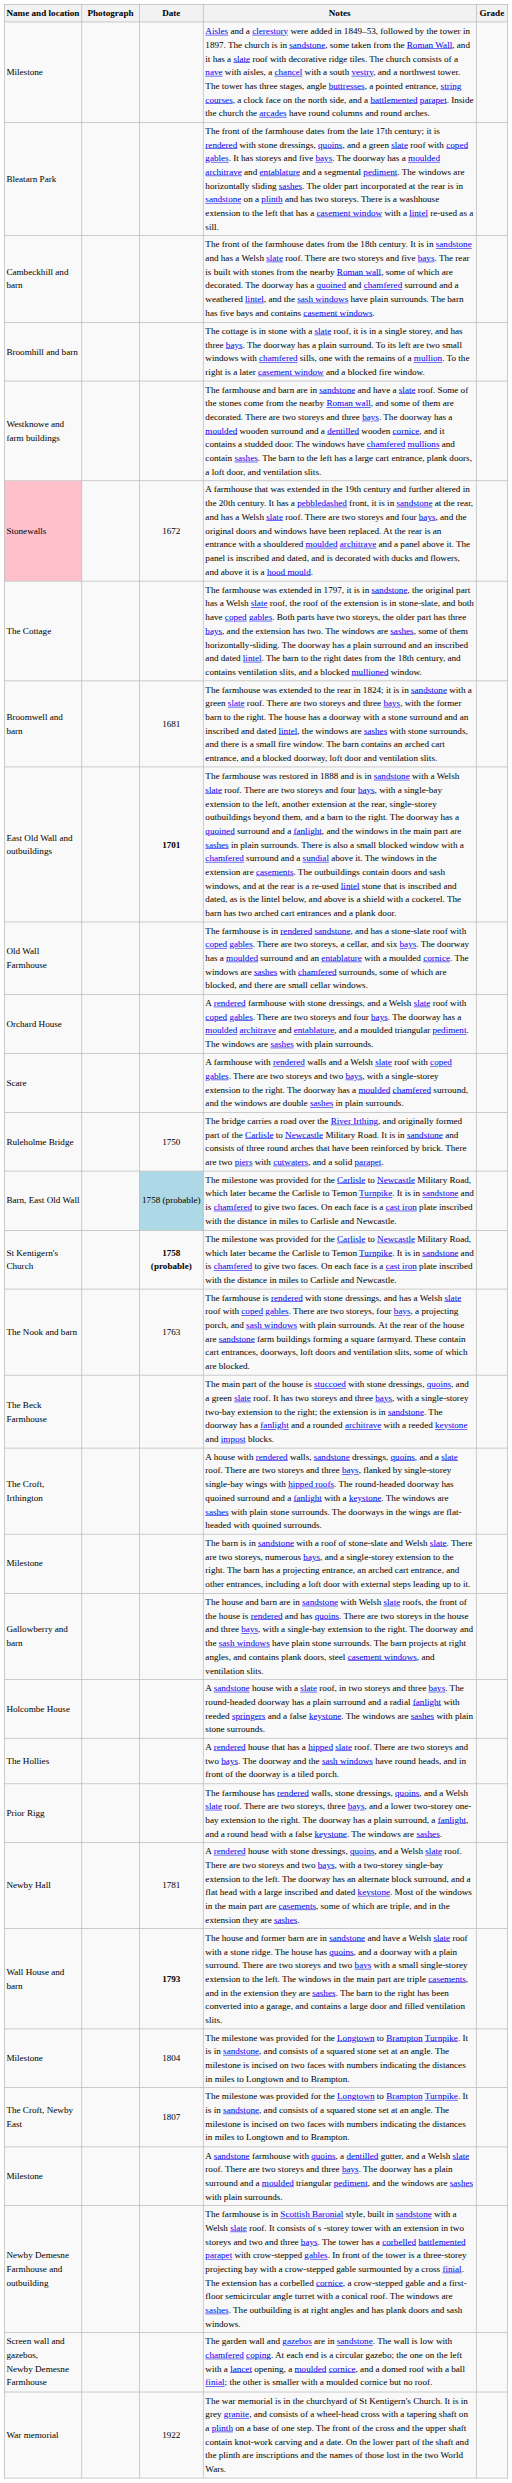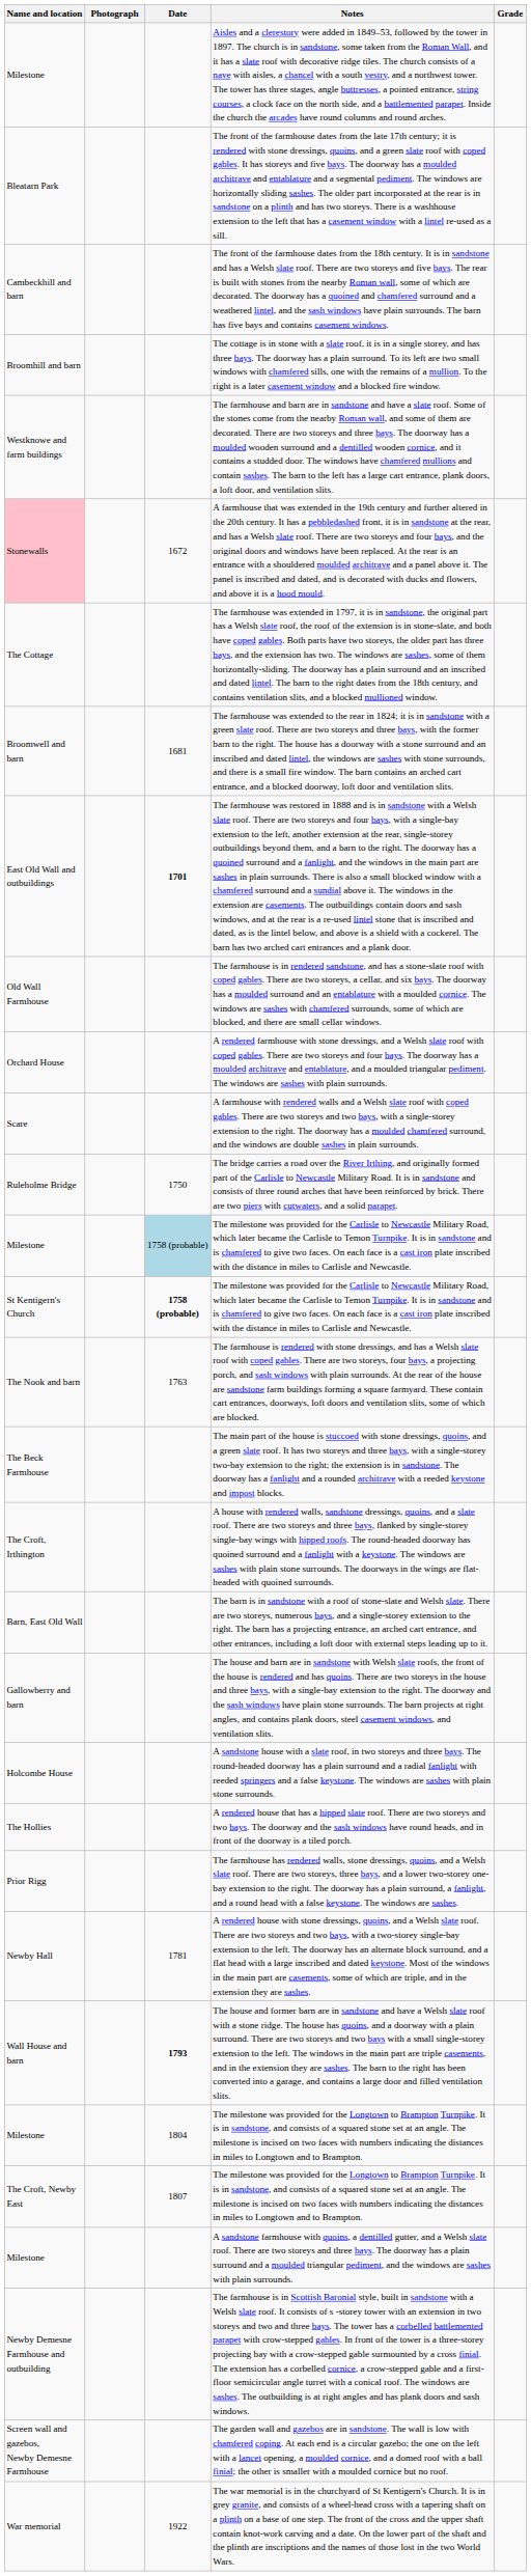 <table class="wikitable sortable plainrowheaders" style="width:100%; border:0; text-align:left; line-height:150%;">
 <tr>
 <th scope="col"  style="width:150px">Name and location</th>
 <th scope="col"  style="width:100px" class="unsortable">Photograph</th>
 <th scope="col"  style="width:120px">Date</th>
 <th scope="col"  style="width:650px" class="unsortable">Notes</th>
 <th scope="col"  style="width:50px">Grade</th>
 </tr>
 <tr>
 <td>Milestone<br><small></small></td>
 <td></td>
 <td align="center"></td>
 <td><a href='#'>Aisles</a> and a <a href='#'>clerestory</a> were added in 1849–53, followed by the tower in 1897.  The church is in <a href='#'>sandstone</a>, some taken from the <a href='#'>Roman Wall</a>, and it has a <a href='#'>slate</a> roof with decorative ridge tiles.  The church consists of a <a href='#'>nave</a> with aisles, a <a href='#'>chancel</a> with a south <a href='#'>vestry</a>, and a northwest tower.  The tower has three stages, angle <a href='#'>buttresses</a>, a pointed entrance, <a href='#'>string courses</a>, a clock face on the north side, and a <a href='#'>battlemented</a> <a href='#'>parapet</a>.  Inside the church the <a href='#'>arcades</a> have round columns and round arches.</td>
 <td align="center" ></td>
 </tr>
 <tr>
 <td>Bleatarn Park<br><small></small></td>
 <td></td>
 <td align="center"></td>
 <td>The front of the farmhouse dates from the late 17th century; it is <a href='#'>rendered</a> with stone dressings, <a href='#'>quoins</a>, and a green <a href='#'>slate</a> roof with <a href='#'>coped</a> <a href='#'>gables</a>.  It has  storeys and five <a href='#'>bays</a>.  The doorway has a <a href='#'>moulded</a> <a href='#'>architrave</a> and <a href='#'>entablature</a> and a segmental <a href='#'>pediment</a>.  The windows are horizontally sliding <a href='#'>sashes</a>.  The older part incorporated at the rear is in <a href='#'>sandstone</a> on a <a href='#'>plinth</a> and has two storeys.  There is a washhouse extension to the left that has a <a href='#'>casement window</a> with a <a href='#'>lintel</a> re-used as a sill.</td>
 <td align="center" ></td>
 </tr>
 <tr>
 <td>Cambeckhill and barn<br><small></small></td>
 <td></td>
 <td align="center"></td>
 <td>The front of the farmhouse dates from the 18th century.  It is in <a href='#'>sandstone</a> and has a Welsh <a href='#'>slate</a> roof.  There are two storeys and five <a href='#'>bays</a>.  The rear is built with stones from the nearby <a href='#'>Roman wall</a>, some of which are decorated.  The doorway has a <a href='#'>quoined</a> and <a href='#'>chamfered</a> surround and a weathered <a href='#'>lintel</a>, and the <a href='#'>sash windows</a> have plain surrounds.  The barn has five bays and contains <a href='#'>casement windows</a>.</td>
 <td align="center" ></td>
 </tr>
 <tr>
 <td>Broomhill and barn<br><small></small></td>
 <td></td>
 <td align="center"></td>
 <td>The cottage is in stone with a <a href='#'>slate</a> roof, it is in a single storey, and has three <a href='#'>bays</a>.  The doorway has a plain surround.  To its left are two small windows with <a href='#'>chamfered</a> sills, one with the remains of a <a href='#'>mullion</a>.  To the right is a later <a href='#'>casement window</a> and a blocked fire window.</td>
 <td align="center" ></td>
 </tr>
 <tr>
 <td>Westknowe and farm buildings<br><small></small></td>
 <td></td>
 <td align="center"></td>
 <td>The farmhouse and barn are in <a href='#'>sandstone</a> and have a <a href='#'>slate</a> roof.  Some of the stones come from the nearby <a href='#'>Roman wall</a>, and some of them are decorated.  There are two storeys and three <a href='#'>bays</a>.  The doorway has a <a href='#'>moulded</a> wooden surround and a <a href='#'>dentilled</a> wooden <a href='#'>cornice</a>, and it contains a studded door.  The windows have <a href='#'>chamfered</a> <a href='#'>mullions</a> and contain <a href='#'>sashes</a>.  The barn to the left has a large cart entrance, plank doors, a loft door, and ventilation slits.</td>
 <td align="center" ></td>
 </tr>
 <tr>
 <td style="background: pink;">Stonewalls<br><small></small></td>
 <td></td>
 <td align="center">1672</td>
 <td>A farmhouse that was extended in the 19th century and further altered in the 20th century.  It has a <a href='#'>pebbledashed</a> front, it is in <a href='#'>sandstone</a> at the rear, and has a Welsh <a href='#'>slate</a> roof.  There are two storeys and four <a href='#'>bays</a>, and the original doors and windows have been replaced.  At the rear is an entrance with a shouldered <a href='#'>moulded</a> <a href='#'>architrave</a> and a panel above it.  The panel is inscribed and dated, and is decorated with ducks and flowers, and above it is a <a href='#'>hood mould</a>.</td>
 <td align="center" ></td>
 </tr>
 <tr>
 <td>The Cottage<br><small></small></td>
 <td></td>
 <td align="center"></td>
 <td>The farmhouse was extended in 1797, it is in <a href='#'>sandstone</a>, the original part has a Welsh <a href='#'>slate</a> roof, the roof of the extension is in stone-slate, and both have <a href='#'>coped</a> <a href='#'>gables</a>.  Both parts have two storeys, the older part has three <a href='#'>bays</a>, and the extension has two.  The windows are <a href='#'>sashes</a>, some of them horizontally-sliding.  The doorway has a plain surround and an inscribed and dated <a href='#'>lintel</a>.  The barn to the right dates from the 18th century, and contains ventilation slits, and a blocked <a href='#'>mullioned</a> window.</td>
 <td align="center" ></td>
 </tr>
 <tr>
 <td>Broomwell and barn<br><small></small></td>
 <td></td>
 <td align="center">1681</td>
 <td>The farmhouse was extended to the rear in 1824; it is in <a href='#'>sandstone</a> with a green <a href='#'>slate</a> roof.  There are two storeys and three <a href='#'>bays</a>, with the former barn to the right.  The house has a doorway with a stone surround and an inscribed and dated <a href='#'>lintel</a>, the windows are <a href='#'>sashes</a> with stone surrounds, and there is a small fire window.  The barn contains an arched cart entrance, and a blocked doorway, loft door and ventilation slits.</td>
 <td align="center" ></td>
 </tr>
 <tr>
 <td>East Old Wall and outbuildings<br><small></small></td>
 <td></td>
 <td align="center"><strong>1701</strong></td>
 <td>The farmhouse was restored in 1888 and is in <a href='#'>sandstone</a> with a Welsh <a href='#'>slate</a> roof.  There are two storeys and four <a href='#'>bays</a>, with a single-bay extension to the left, another extension at the rear, single-storey outbuildings beyond them, and a barn to the right.  The doorway has a <a href='#'>quoined</a> surround and a <a href='#'>fanlight</a>, and the windows in the main part are <a href='#'>sashes</a> in plain surrounds.  There is also a small blocked window with a <a href='#'>chamfered</a> surround and a <a href='#'>sundial</a> above it.  The windows in the extension are <a href='#'>casements</a>.  The outbuildings contain doors and sash windows, and at the rear is a re-used <a href='#'>lintel</a> stone that is inscribed and dated, as is the lintel below, and above is a shield with a cockerel.  The barn has two arched cart entrances and a plank door.</td>
 <td align="center" ></td>
 </tr>
 <tr>
 <td>Old Wall Farmhouse<br><small></small></td>
 <td></td>
 <td align="center"></td>
 <td>The farmhouse is in <a href='#'>rendered</a> <a href='#'>sandstone</a>, and has a stone-slate roof with <a href='#'>coped</a> <a href='#'>gables</a>.  There are two storeys, a cellar, and six <a href='#'>bays</a>.  The doorway has a <a href='#'>moulded</a> surround and an <a href='#'>entablature</a> with a moulded <a href='#'>cornice</a>.  The windows are <a href='#'>sashes</a> with <a href='#'>chamfered</a> surrounds, some of which are blocked, and there are small cellar windows.</td>
 <td align="center" ></td>
 </tr>
 <tr>
 <td>Orchard House<br><small></small></td>
 <td></td>
 <td align="center"></td>
 <td>A <a href='#'>rendered</a> farmhouse with stone dressings, and a Welsh <a href='#'>slate</a> roof with <a href='#'>coped</a> <a href='#'>gables</a>.  There are two storeys and four <a href='#'>bays</a>.  The doorway has a <a href='#'>moulded</a> <a href='#'>architrave</a> and <a href='#'>entablature</a>, and a moulded triangular <a href='#'>pediment</a>.  The windows are <a href='#'>sashes</a> with plain surrounds.</td>
 <td align="center" ></td>
 </tr>
 <tr>
 <td>Scare<br><small></small></td>
 <td></td>
 <td align="center"></td>
 <td>A farmhouse with <a href='#'>rendered</a> walls and a Welsh <a href='#'>slate</a> roof with <a href='#'>coped</a> <a href='#'>gables</a>.  There are two storeys and two <a href='#'>bays</a>, with a single-storey extension to the right.  The doorway has a <a href='#'>moulded</a> <a href='#'>chamfered</a> surround, and the windows are double <a href='#'>sashes</a> in plain surrounds.</td>
 <td align="center" ></td>
 </tr>
 <tr>
 <td>Ruleholme Bridge<br><small></small></td>
 <td></td>
 <td align="center">1750</td>
 <td>The bridge carries a road over the <a href='#'>River Irthing</a>, and originally formed part of the <a href='#'>Carlisle</a> to <a href='#'>Newcastle</a> Military Road.  It is in <a href='#'>sandstone</a> and consists of three round arches that have been reinforced by brick.  There are two <a href='#'>piers</a> with <a href='#'>cutwaters</a>, and a solid <a href='#'>parapet</a>.</td>
 <td align="center" ></td>
 </tr>
 <tr>
-<td>Barn, East Old Wall<br><small></small></td>
+<td>Milestone<br><small></small></td>
 <td></td>
 <td align="center" style="background: lightblue;">1758 (probable)</td>
 <td>The milestone was provided for the <a href='#'>Carlisle</a> to <a href='#'>Newcastle</a> Military Road, which later became the Carlisle to Temon <a href='#'>Turnpike</a>.  It is in <a href='#'>sandstone</a> and is <a href='#'>chamfered</a> to give two faces.  On each face is a <a href='#'>cast iron</a> plate inscribed with the distance in miles to Carlisle and Newcastle.</td>
 <td align="center" ></td>
 </tr>
 <tr>
 <td>St Kentigern's Church<br><small></small></td>
 <td></td>
 <td align="center"><strong>1758 (probable)</strong></td>
 <td>The milestone was provided for the <a href='#'>Carlisle</a> to <a href='#'>Newcastle</a> Military Road, which later became the Carlisle to Temon <a href='#'>Turnpike</a>.  It is in <a href='#'>sandstone</a> and is <a href='#'>chamfered</a> to give two faces.  On each face is a <a href='#'>cast iron</a> plate inscribed with the distance in miles to Carlisle and Newcastle.</td>
 <td align="center" ></td>
 </tr>
 <tr>
 <td>The Nook and barn<br><small></small></td>
 <td></td>
 <td align="center">1763</td>
 <td>The farmhouse is <a href='#'>rendered</a> with stone dressings, and has a Welsh <a href='#'>slate</a> roof with <a href='#'>coped</a> <a href='#'>gables</a>.  There are two storeys, four <a href='#'>bays</a>, a projecting porch, and <a href='#'>sash windows</a> with plain surrounds.  At the rear of the house are <a href='#'>sandstone</a> farm buildings forming a square farmyard.  These contain cart entrances, doorways, loft doors and ventilation slits, some of which are blocked.</td>
 <td align="center" ></td>
 </tr>
 <tr>
 <td>The Beck Farmhouse<br><small></small></td>
 <td></td>
 <td align="center"></td>
 <td>The main part of the house is <a href='#'>stuccoed</a> with stone dressings, <a href='#'>quoins</a>, and a green <a href='#'>slate</a> roof.  It has two storeys and three <a href='#'>bays</a>, with a single-storey two-bay extension to the right; the extension is in <a href='#'>sandstone</a>.  The doorway has a <a href='#'>fanlight</a> and a rounded <a href='#'>architrave</a> with a reeded <a href='#'>keystone</a> and <a href='#'>impost</a> blocks.</td>
 <td align="center" ></td>
 </tr>
 <tr>
 <td>The Croft, Irthington<br><small></small></td>
 <td></td>
 <td align="center"></td>
 <td>A house with <a href='#'>rendered</a> walls, <a href='#'>sandstone</a> dressings, <a href='#'>quoins</a>, and a <a href='#'>slate</a> roof.  There are two storeys and three <a href='#'>bays</a>, flanked by single-storey single-bay wings with <a href='#'>hipped roofs</a>.  The round-headed doorway has quoined surround and a <a href='#'>fanlight</a> with a <a href='#'>keystone</a>.  The windows are <a href='#'>sashes</a> with plain stone surrounds.  The doorways in the wings are flat-headed with quoined surrounds.</td>
 <td align="center" ></td>
 </tr>
 <tr>
-<td>Milestone<br><small></small></td>
+<td>Barn, East Old Wall<br><small></small></td>
 <td></td>
 <td align="center"></td>
 <td>The barn is in <a href='#'>sandstone</a> with a roof of stone-slate and Welsh <a href='#'>slate</a>.  There are two storeys, numerous <a href='#'>bays</a>, and a single-storey extension to the right.  The barn has a projecting entrance, an arched cart entrance, and other entrances, including a loft door with external steps leading up to it.</td>
 <td align="center" ></td>
 </tr>
 <tr>
 <td>Gallowberry and barn<br><small></small></td>
 <td></td>
 <td align="center"></td>
 <td>The house and barn are in <a href='#'>sandstone</a> with Welsh <a href='#'>slate</a> roofs, the front of the house is <a href='#'>rendered</a> and has <a href='#'>quoins</a>.  There are two storeys in the house and three <a href='#'>bays</a>, with a single-bay extension to the right.  The doorway and the <a href='#'>sash windows</a> have plain stone surrounds.  The barn projects at right angles, and contains plank doors, steel <a href='#'>casement windows</a>, and ventilation slits.</td>
 <td align="center" ></td>
 </tr>
 <tr>
 <td>Holcombe House<br><small></small></td>
 <td></td>
 <td align="center"></td>
 <td>A <a href='#'>sandstone</a> house with a <a href='#'>slate</a> roof, in two storeys and three <a href='#'>bays</a>.  The round-headed doorway has a plain surround and a radial <a href='#'>fanlight</a> with reeded <a href='#'>springers</a> and a false <a href='#'>keystone</a>.  The windows are <a href='#'>sashes</a> with plain stone surrounds.</td>
 <td align="center" ></td>
 </tr>
 <tr>
 <td>The Hollies<br><small></small></td>
 <td></td>
 <td align="center"></td>
 <td>A <a href='#'>rendered</a> house that has a <a href='#'>hipped</a> <a href='#'>slate</a> roof.  There are two storeys and two <a href='#'>bays</a>.  The doorway and the <a href='#'>sash windows</a> have round heads, and in front of the doorway is a tiled porch.</td>
 <td align="center" ></td>
 </tr>
 <tr>
 <td>Prior Rigg<br><small></small></td>
 <td></td>
 <td align="center"></td>
 <td>The farmhouse has <a href='#'>rendered</a> walls, stone dressings, <a href='#'>quoins</a>, and a Welsh <a href='#'>slate</a> roof.  There are two storeys, three <a href='#'>bays</a>, and a lower two-storey one-bay extension to the right.  The doorway has a plain surround, a <a href='#'>fanlight</a>, and a round head with a false <a href='#'>keystone</a>.  The windows are <a href='#'>sashes</a>.</td>
 <td align="center" ></td>
 </tr>
 <tr>
 <td>Newby Hall<br><small></small></td>
 <td></td>
 <td align="center">1781</td>
 <td>A <a href='#'>rendered</a> house with stone dressings, <a href='#'>quoins</a>, and a Welsh <a href='#'>slate</a> roof.  There are two storeys and two <a href='#'>bays</a>, with a two-storey single-bay extension to the left.  The doorway has an alternate block surround, and a flat head with a large inscribed and dated <a href='#'>keystone</a>.  Most of the windows in the main part are <a href='#'>casements</a>, some of which are triple, and in the extension they are <a href='#'>sashes</a>.</td>
 <td align="center" ></td>
 </tr>
 <tr>
 <td>Wall House and barn<br><small></small></td>
 <td></td>
 <td align="center"><strong>1793</strong></td>
 <td>The house and former barn are in <a href='#'>sandstone</a> and have a Welsh <a href='#'>slate</a> roof with a stone ridge.  The house has <a href='#'>quoins</a>, and a doorway with a plain surround.  There are two storeys and two <a href='#'>bays</a> with a small single-storey extension to the left.  The windows in the main part are triple <a href='#'>casements</a>, and in the extension they are <a href='#'>sashes</a>.  The barn to the right has been converted into a garage, and contains a large door and filled ventilation slits.</td>
 <td align="center" ></td>
 </tr>
 <tr>
 <td>Milestone<br><small></small></td>
 <td></td>
 <td align="center">1804</td>
 <td>The milestone was provided for the <a href='#'>Longtown</a> to <a href='#'>Brampton</a> <a href='#'>Turnpike</a>.  It is in <a href='#'>sandstone</a>, and consists of a squared stone set at an angle.  The milestone is incised on two faces with numbers indicating the distances in miles to Longtown and to Brampton.</td>
 <td align="center" ></td>
 </tr>
 <tr>
 <td>The Croft, Newby East<br><small></small></td>
 <td></td>
 <td align="center">1807</td>
 <td>The milestone was provided for the <a href='#'>Longtown</a> to <a href='#'>Brampton</a> <a href='#'>Turnpike</a>.  It is in <a href='#'>sandstone</a>, and consists of a squared stone set at an angle.  The milestone is incised on two faces with numbers indicating the distances in miles to Longtown and to Brampton.</td>
 <td align="center" ></td>
 </tr>
 <tr>
 <td>Milestone<br><small></small></td>
 <td></td>
 <td align="center"></td>
 <td>A <a href='#'>sandstone</a> farmhouse with <a href='#'>quoins</a>, a <a href='#'>dentilled</a> gutter, and a Welsh <a href='#'>slate</a> roof.  There are two storeys and three <a href='#'>bays</a>.  The doorway has a plain surround and a <a href='#'>moulded</a> triangular <a href='#'>pediment</a>, and the windows are <a href='#'>sashes</a> with plain surrounds.</td>
 <td align="center" ></td>
 </tr>
 <tr>
 <td>Newby Demesne Farmhouse and outbuilding<br><small></small></td>
 <td></td>
 <td align="center"></td>
 <td>The farmhouse is in <a href='#'>Scottish Baronial</a> style, built in <a href='#'>sandstone</a> with a Welsh <a href='#'>slate</a> roof.  It consists of s -storey tower with an extension in two storeys and two and three <a href='#'>bays</a>.  The tower has a <a href='#'>corbelled</a> <a href='#'>battlemented</a> <a href='#'>parapet</a> with crow-stepped <a href='#'>gables</a>.  In front of the tower is a three-storey projecting bay with a crow-stepped gable surmounted by a cross <a href='#'>finial</a>.  The extension has a corbelled <a href='#'>cornice</a>, a crow-stepped gable and a first-floor semicircular angle turret with a conical roof.  The windows are <a href='#'>sashes</a>.  The outbuilding is at right angles and has plank doors and sash windows.</td>
 <td align="center" ></td>
 </tr>
 <tr>
 <td>Screen wall and gazebos,<br>Newby Demesne Farmhouse<br><small></small></td>
 <td></td>
 <td align="center"></td>
 <td>The garden wall and <a href='#'>gazebos</a> are in <a href='#'>sandstone</a>.  The wall is low with <a href='#'>chamfered</a> <a href='#'>coping</a>.  At each end is a circular gazebo; the one on the left with a <a href='#'>lancet</a> opening, a <a href='#'>moulded</a> <a href='#'>cornice</a>, and a domed roof with a ball <a href='#'>finial</a>; the other is smaller with a moulded cornice but no roof.</td>
 <td align="center" ></td>
 </tr>
 <tr>
 <td>War memorial<br><small></small></td>
 <td></td>
 <td align="center">1922</td>
 <td>The war memorial is in the churchyard of St Kentigern's Church.  It is in grey <a href='#'>granite</a>, and consists of a wheel-head cross with a tapering shaft on a <a href='#'>plinth</a> on a base of one step.  The front of the cross and the upper shaft contain knot-work carving and a date.  On the lower part of the shaft and the plinth are inscriptions and the names of those lost in the two World Wars.</td>
 <td align="center" ></td>
 </tr>
 <tr>
 </tr>
 </table>
